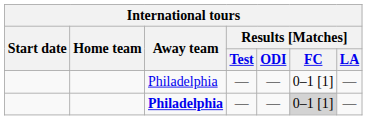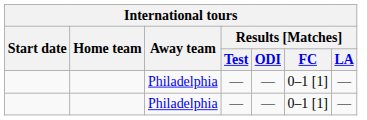 <table class="wikitable">
 <tr>
 <th colspan="7">International tours</th>
 </tr>
 <tr>
 <th rowspan="2">Start date</th>
 <th rowspan="2">Home team</th>
 <th rowspan="2">Away team</th>
 <th colspan="4">Results [Matches]</th>
 </tr>
 <tr>
 <th><a href='#'>Test</a></th>
 <th><a href='#'>ODI</a></th>
 <th><a href='#'>FC</a></th>
 <th><a href='#'>LA</a></th>
 </tr>
 <tr>
 <td><a href='#'></a></td>
 <td></td>
 <td> <a href='#'>Philadelphia</a></td>
 <td ; style="text-align:center">—</td>
 <td ; style="text-align:center">—</td>
 <td>0–1 [1]</td>
 <td ; style="text-align:center">—</td>
 </tr>
 <tr>
 <td><a href='#'></a></td>
 <td></td>
-<td><strong> <a href='#'>Philadelphia</a></strong></td>
+<td> <a href='#'>Philadelphia</a></td>
 <td ; style="text-align:center">—</td>
 <td ; style="text-align:center">—</td>
-<td style="background: lightgrey;">0–1 [1]</td>
+<td>0–1 [1]</td>
 <td ; style="text-align:center">—</td>
 </tr>
 </table>
